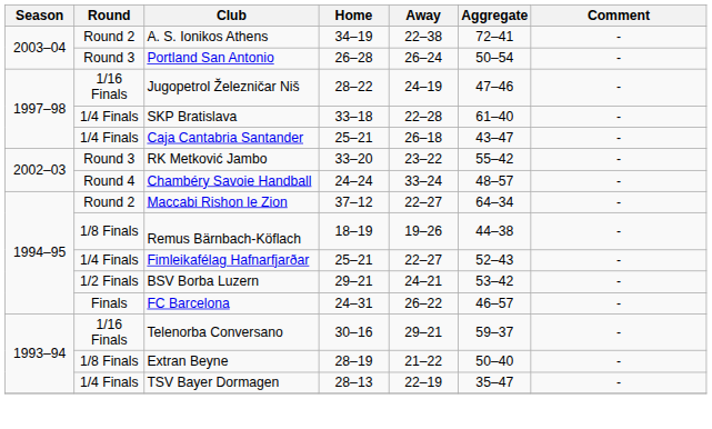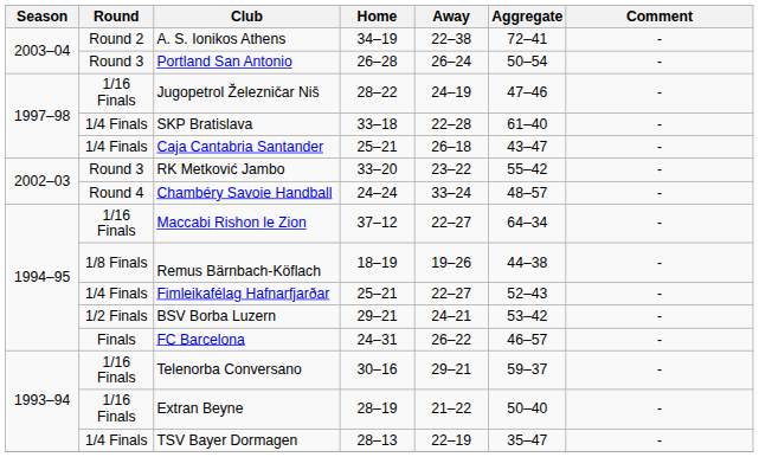 <table class="wikitable" style="text-align:center;">
 <tr>
 <th width=75px>Season</th>
 <th width=75px>Round</th>
 <th width=200px>Club</th>
 <th width=75px>Home</th>
 <th width=75px>Away</th>
 <th width=75px>Aggregate</th>
 <th width=200px>Comment</th>
 </tr>
 <tr>
 <td rowspan="2">2003–04</td>
 <td>Round 2</td>
 <td align=left> A. S. Ionikos Athens</td>
 <td>34–19</td>
 <td>22–38</td>
 <td>72–41</td>
 <td>-</td>
 </tr>
 <tr>
 <td>Round 3</td>
 <td align=left><a href='#'>Portland San Antonio</a></td>
 <td>26–28</td>
 <td>26–24</td>
 <td>50–54</td>
 <td>-</td>
 </tr>
 <tr>
 <td rowspan="3">1997–98</td>
 <td>1/16 Finals</td>
 <td align=left> Jugopetrol Železničar Niš</td>
 <td>28–22</td>
 <td>24–19</td>
 <td>47–46</td>
 <td>-</td>
 </tr>
 <tr>
 <td>1/4 Finals</td>
 <td align=left> SKP Bratislava</td>
 <td>33–18</td>
 <td>22–28</td>
 <td>61–40</td>
 <td>-</td>
 </tr>
 <tr>
 <td>1/4 Finals</td>
 <td align=left> <a href='#'>Caja Cantabria Santander</a></td>
 <td>25–21</td>
 <td>26–18</td>
 <td>43–47</td>
 <td>-</td>
 </tr>
 <tr>
 <td rowspan="2">2002–03</td>
 <td>Round 3</td>
 <td align=left> RK Metković Jambo</td>
 <td>33–20</td>
 <td>23–22</td>
 <td>55–42</td>
 <td>-</td>
 </tr>
 <tr>
 <td>Round 4</td>
 <td align=left> <a href='#'>Chambéry Savoie Handball</a></td>
 <td>24–24</td>
 <td>33–24</td>
 <td>48–57</td>
 <td>-</td>
 </tr>
 <tr>
 <td rowspan="5">1994–95</td>
-<td>Round 2</td>
+<td>1/16 Finals</td>
 <td align=left> <a href='#'>Maccabi Rishon le Zion</a></td>
 <td>37–12</td>
 <td>22–27</td>
 <td>64–34</td>
 <td>-</td>
 </tr>
 <tr>
 <td>1/8 Finals</td>
 <td align=left><br> Remus Bärnbach-Köflach</td>
 <td>18–19</td>
 <td>19–26</td>
 <td>44–38</td>
 <td>-</td>
 </tr>
 <tr>
 <td>1/4 Finals</td>
 <td align=left> <a href='#'>Fimleikafélag Hafnarfjarðar</a></td>
 <td>25–21</td>
 <td>22–27</td>
 <td>52–43</td>
 <td>-</td>
 </tr>
 <tr>
 <td>1/2 Finals</td>
 <td align=left> BSV Borba Luzern</td>
 <td>29–21</td>
 <td>24–21</td>
 <td>53–42</td>
 <td>-</td>
 </tr>
 <tr>
 <td>Finals</td>
 <td align=left> <a href='#'>FC Barcelona</a></td>
 <td>24–31</td>
 <td>26–22</td>
 <td>46–57</td>
 <td>-</td>
 </tr>
 <tr>
 <td rowspan="3">1993–94</td>
 <td>1/16 Finals</td>
 <td align=left> Telenorba Conversano</td>
 <td>30–16</td>
 <td>29–21</td>
 <td>59–37</td>
 <td>-</td>
 </tr>
 <tr>
-<td>1/8 Finals</td>
+<td>1/16 Finals</td>
 <td align=left> Extran Beyne</td>
 <td>28–19</td>
 <td>21–22</td>
 <td>50–40</td>
 <td>-</td>
 </tr>
 <tr>
 <td>1/4 Finals</td>
 <td align=left> TSV Bayer Dormagen</td>
 <td>28–13</td>
 <td>22–19</td>
 <td>35–47</td>
 <td>-</td>
 </tr>
 <tr>
 </tr>
 </table>
